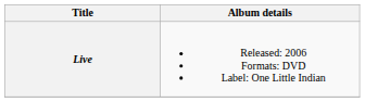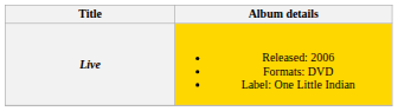 <table class="wikitable plainrowheaders" style="text-align:center;">
 <tr>
 <th scope="col" style="width:14em;">Title</th>
 <th scope="col" style="width:18em;">Album details</th>
 </tr>
 <tr>
 <th scope="row"><em>Live</em></th>
-<td><br><ul><li>Released: 2006</li><li>Formats: DVD</li><li>Label: One Little Indian</li></ul></td>
+<td style="background: gold;"><br><ul><li>Released: 2006</li><li>Formats: DVD</li><li>Label: One Little Indian</li></ul></td>
 </tr>
 <tr>
 </tr>
 </table>
